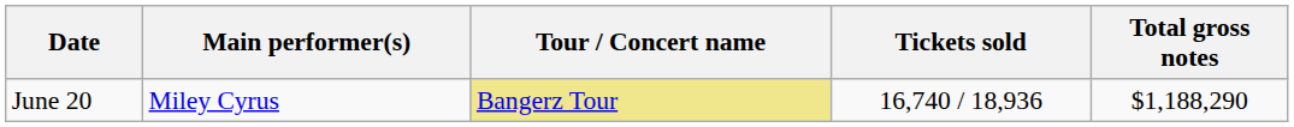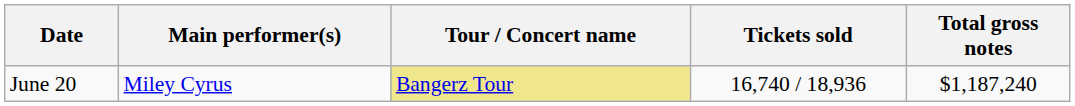 <table class="wikitable"  style="text-align:left; font-size:95%; width:85%;">
 <tr>
 <th style="text-align:center;">Date</th>
 <th style="text-align:center;">Main performer(s)</th>
 <th style="text-align:center;">Tour / Concert name</th>
 <th style="text-align:center;">Tickets sold</th>
 <th style="text-align:center;">Total gross<br>notes</th>
 </tr>
 <tr>
 <td>June 20</td>
 <td><a href='#'>Miley Cyrus</a></td>
 <td style="background: khaki;"><a href='#'>Bangerz Tour</a></td>
 <td style="text-align:center;">16,740 / 18,936</td>
-<td style="text-align:center;">$1,188,290</td>
+<td style="text-align:center;">$1,187,240</td>
 </tr>
 </table>
